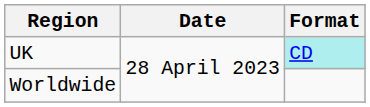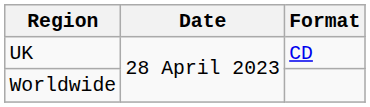 <table class=wikitable>
 <tr>
 <th>Region</th>
 <th>Date</th>
 <th>Format</th>
 </tr>
 <tr>
 <td>UK</td>
 <td rowspan="2">28 April 2023</td>
-<td style="background: paleturquoise;"><a href='#'>CD</a></td>
+<td><a href='#'>CD</a></td>
 </tr>
 <tr>
 <td>Worldwide</td>
 <td></td>
 </tr>
 </table>
